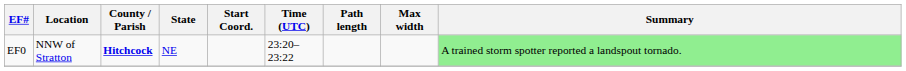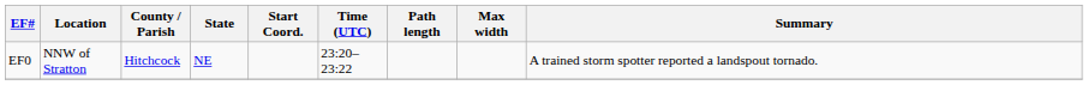 <table class="wikitable sortable" style="width:100%;">
 <tr>
 <th scope="col" style="width:3%; text-align:center;"><a href='#'>EF#</a></th>
 <th scope="col" style="width:7%; text-align:center;" class="unsortable">Location</th>
 <th scope="col" style="width:6%; text-align:center;" class="unsortable">County / Parish</th>
 <th scope="col" style="width:5%; text-align:center;">State</th>
 <th scope="col" style="width:6%; text-align:center;">Start Coord.</th>
 <th scope="col" style="width:6%; text-align:center;">Time (<a href='#'>UTC</a>)</th>
 <th scope="col" style="width:6%; text-align:center;">Path length</th>
 <th scope="col" style="width:6%; text-align:center;">Max width</th>
 <th scope="col" class="unsortable" style="width:48%; text-align:center;">Summary</th>
 </tr>
 <tr>
 <td bgcolor=>EF0</td>
 <td>NNW of <a href='#'>Stratton</a></td>
-<td><strong><a href='#'>Hitchcock</a></strong></td>
+<td><a href='#'>Hitchcock</a></td>
 <td><a href='#'>NE</a></td>
 <td></td>
 <td>23:20–23:22</td>
 <td></td>
 <td></td>
-<td style="background: lightgreen;">A trained storm spotter reported a landspout tornado.</td>
+<td>A trained storm spotter reported a landspout tornado.</td>
 </tr>
 <tr>
 </tr>
 </table>
